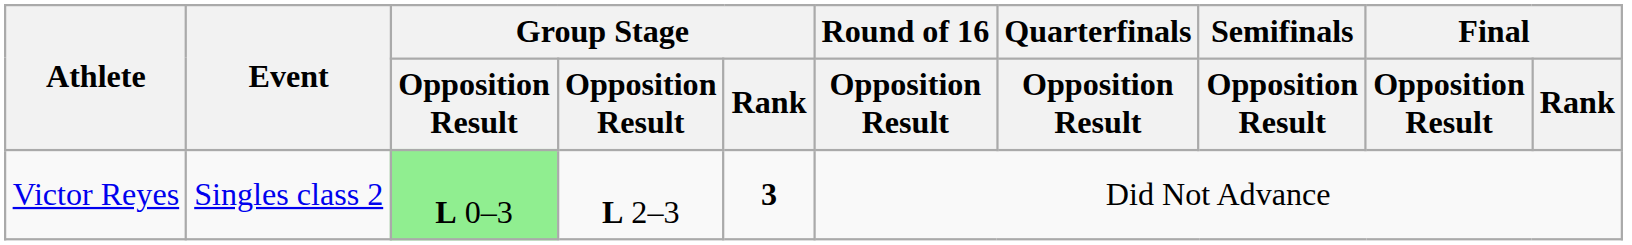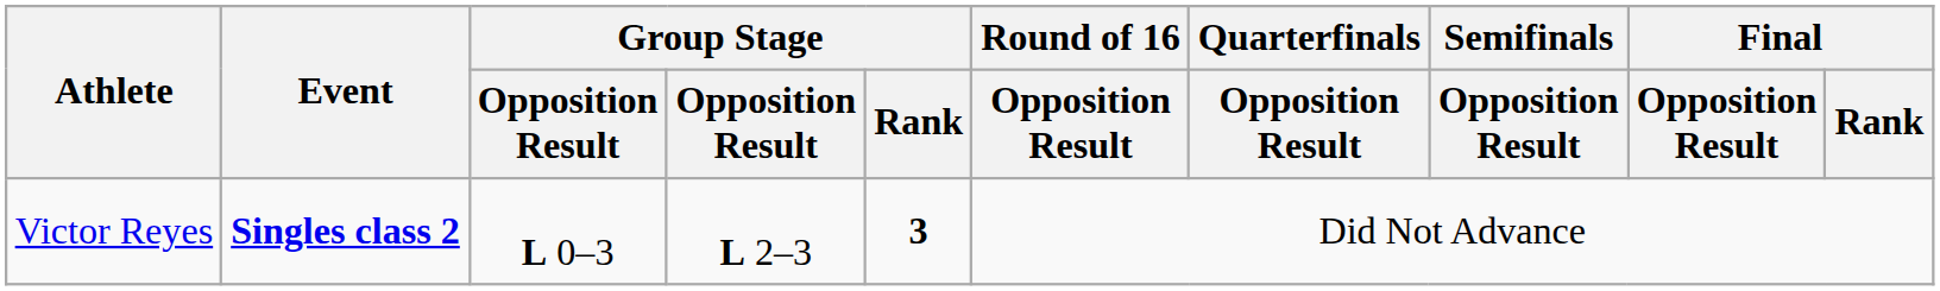 <table class=wikitable style="font-size:90%">
 <tr>
 <th rowspan="2">Athlete</th>
 <th rowspan="2">Event</th>
 <th colspan="3">Group Stage</th>
 <th>Round of 16</th>
 <th>Quarterfinals</th>
 <th>Semifinals</th>
 <th colspan="2">Final</th>
 </tr>
 <tr>
 <th>Opposition<br>Result</th>
 <th>Opposition<br>Result</th>
 <th>Rank</th>
 <th>Opposition<br>Result</th>
 <th>Opposition<br>Result</th>
 <th>Opposition<br>Result</th>
 <th>Opposition<br>Result</th>
 <th>Rank</th>
 </tr>
 <tr align=center>
 <td align=left><a href='#'>Victor Reyes</a></td>
-<td align=left><a href='#'>Singles class 2</a></td>
-<td style="background: lightgreen;"><br><strong>L</strong> 0–3</td>
+<td align=left><strong><a href='#'>Singles class 2</a></strong></td>
+<td><br><strong>L</strong> 0–3</td>
 <td><br><strong>L</strong> 2–3</td>
 <td><strong>3</strong></td>
 <td colspan="5">Did Not Advance</td>
 </tr>
 </table>
